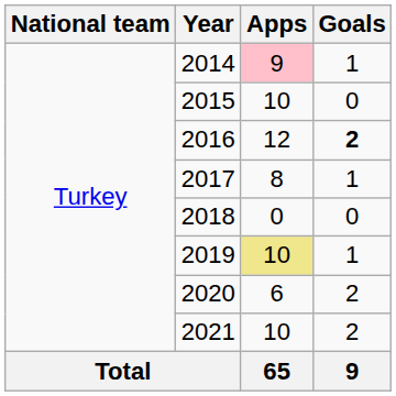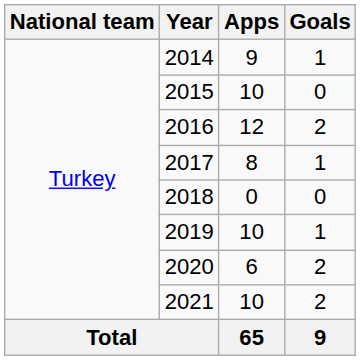 <table class="wikitable" style="text-align:center">
 <tr>
 <th>National team</th>
 <th>Year</th>
 <th>Apps</th>
 <th>Goals</th>
 </tr>
 <tr>
 <td rowspan="8"><a href='#'>Turkey</a></td>
 <td>2014</td>
-<td style="background: pink;">9</td>
+<td>9</td>
 <td>1</td>
 </tr>
 <tr>
 <td>2015</td>
 <td>10</td>
 <td>0</td>
 </tr>
 <tr>
 <td>2016</td>
 <td>12</td>
-<td><strong>2</strong></td>
+<td>2</td>
 </tr>
 <tr>
 <td>2017</td>
 <td>8</td>
 <td>1</td>
 </tr>
 <tr>
 <td>2018</td>
 <td>0</td>
 <td>0</td>
 </tr>
 <tr>
 <td>2019</td>
-<td style="background: khaki;">10</td>
+<td>10</td>
 <td>1</td>
 </tr>
 <tr>
 <td>2020</td>
 <td>6</td>
 <td>2</td>
 </tr>
 <tr>
 <td>2021</td>
 <td>10</td>
 <td>2</td>
 </tr>
 <tr>
 <th colspan="2">Total</th>
 <th>65</th>
 <th>9</th>
 </tr>
 </table>
